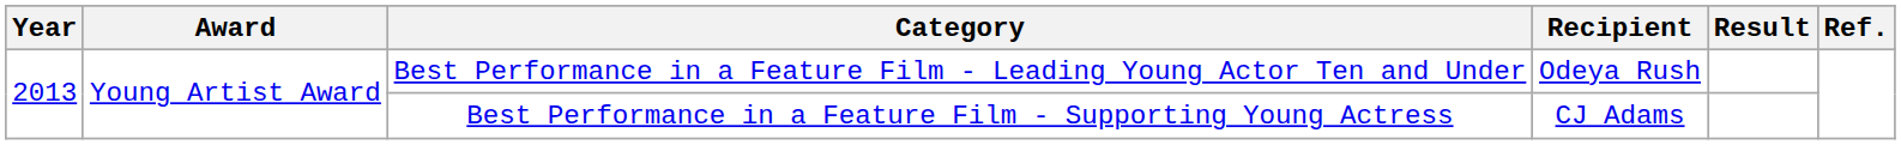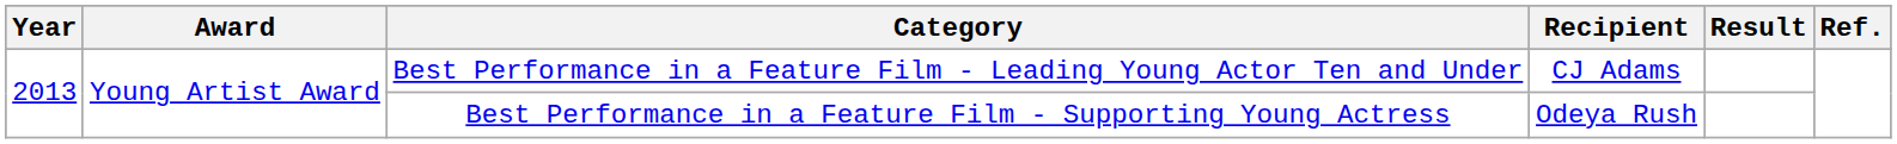 <table class="wikitable" rowspan=5; style="text-align: center; background:#ffffff;">
 <tr>
 <th>Year</th>
 <th>Award</th>
 <th>Category</th>
 <th>Recipient</th>
 <th>Result</th>
 <th>Ref.</th>
 </tr>
 <tr>
 <td rowspan=2><a href='#'>2013</a></td>
 <td rowspan=2><a href='#'>Young Artist Award</a></td>
 <td><a href='#'>Best Performance in a Feature Film - Leading Young Actor Ten and Under</a></td>
-<td><a href='#'>Odeya Rush</a></td>
+<td><a href='#'>CJ Adams</a></td>
 <td></td>
 <td rowspan=2></td>
 </tr>
 <tr>
 <td><a href='#'>Best Performance in a Feature Film - Supporting Young Actress</a></td>
-<td><a href='#'>CJ Adams</a></td>
+<td><a href='#'>Odeya Rush</a></td>
 <td></td>
 </tr>
 </table>
